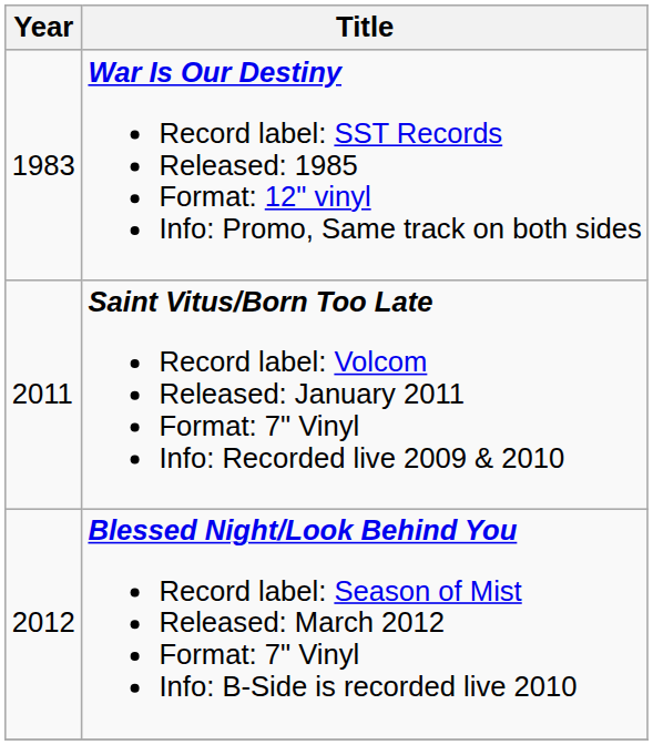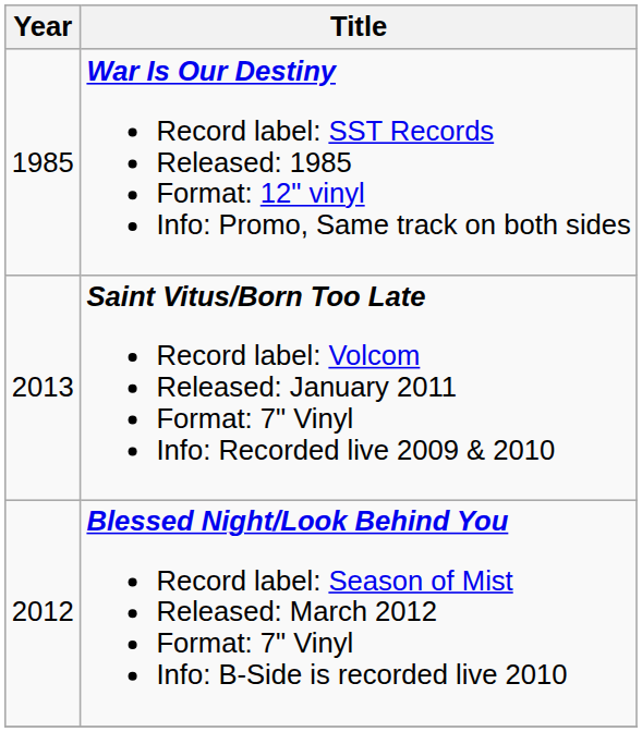 <table class="wikitable">
 <tr>
 <th>Year</th>
 <th>Title</th>
 </tr>
 <tr>
-<td>1983</td>
+<td>1985</td>
 <td><strong><em><a href='#'>War Is Our Destiny</a></em></strong><br><ul><li>Record label: <a href='#'>SST Records</a></li><li>Released: 1985</li><li>Format: <a href='#'>12" vinyl</a></li><li>Info: Promo, Same track on both sides</li></ul></td>
 </tr>
 <tr>
-<td>2011</td>
+<td>2013</td>
 <td><strong><em>Saint Vitus/Born Too Late</em></strong><br><ul><li>Record label: <a href='#'>Volcom</a></li><li>Released: January 2011</li><li>Format: 7" Vinyl</li><li>Info: Recorded live 2009 & 2010</li></ul></td>
 </tr>
 <tr>
 <td>2012</td>
 <td><strong><em><a href='#'>Blessed Night/Look Behind You</a></em></strong><br><ul><li>Record label: <a href='#'>Season of Mist</a></li><li>Released: March 2012</li><li>Format: 7" Vinyl</li><li>Info: B-Side is recorded live 2010</li></ul></td>
 </tr>
 <tr>
 </tr>
 </table>
